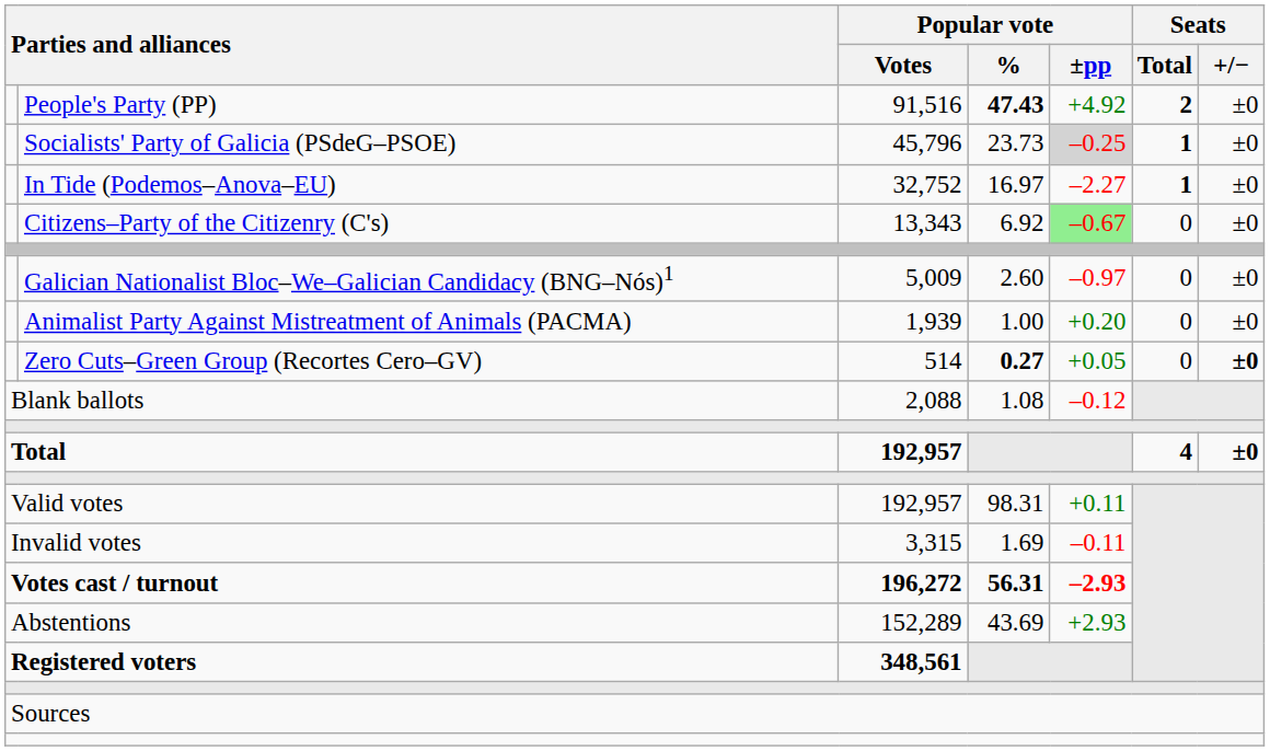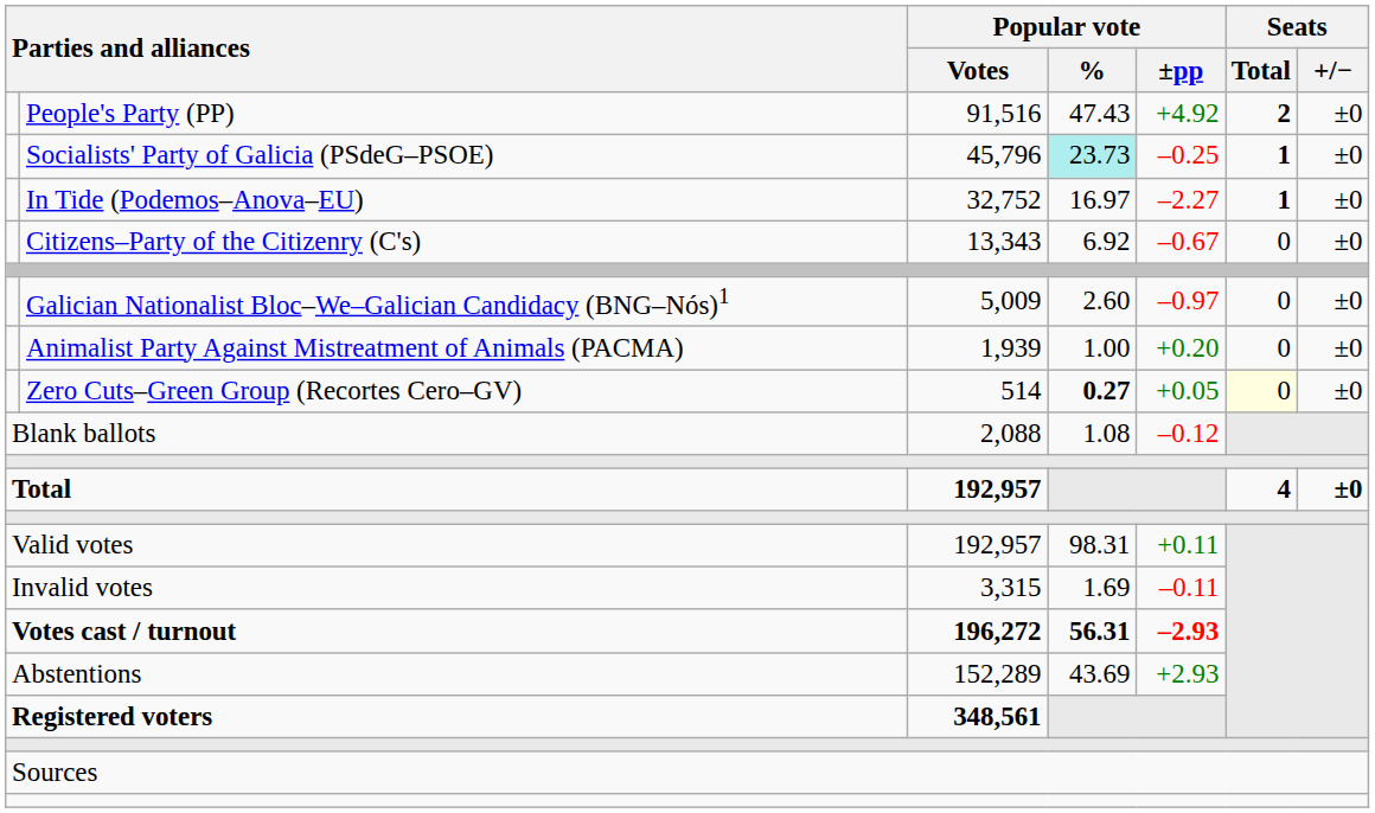 <table class="wikitable" style="text-align:right;">
 <tr>
 <th style="text-align:left;" rowspan="2" colspan="2" width="525">Parties and alliances</th>
 <th colspan="3">Popular vote</th>
 <th colspan="2">Seats</th>
 </tr>
 <tr>
 <th width="75">Votes</th>
 <th width="45">%</th>
 <th width="45">±<a href='#'>pp</a></th>
 <th width="35">Total</th>
 <th width="35">+/−</th>
 </tr>
 <tr>
 <td width="1" style="color:inherit;background:"></td>
 <td align="left"><a href='#'>People's Party</a> (PP)</td>
 <td>91,516</td>
-<td><strong>47.43</strong></td>
+<td>47.43</td>
 <td style="color:green;">+4.92</td>
 <td><strong>2</strong></td>
 <td>±0</td>
 </tr>
 <tr>
 <td style="color:inherit;background:"></td>
 <td align="left"><a href='#'>Socialists' Party of Galicia</a> (PSdeG–PSOE)</td>
 <td>45,796</td>
-<td>23.73</td>
-<td style="background: lightgrey; color:red;">–0.25</td>
+<td style="background: paleturquoise;">23.73</td>
+<td style="color:red;">–0.25</td>
 <td><strong>1</strong></td>
 <td>±0</td>
 </tr>
 <tr>
 <td style="color:inherit;background:"></td>
 <td align="left"><a href='#'>In Tide</a> (<a href='#'>Podemos</a>–<a href='#'>Anova</a>–<a href='#'>EU</a>)</td>
 <td>32,752</td>
 <td>16.97</td>
 <td style="color:red;">–2.27</td>
 <td><strong>1</strong></td>
 <td>±0</td>
 </tr>
 <tr>
 <td style="color:inherit;background:"></td>
 <td align="left"><a href='#'>Citizens–Party of the Citizenry</a> (C's)</td>
 <td>13,343</td>
 <td>6.92</td>
-<td style="background: lightgreen; color:red;">–0.67</td>
+<td style="color:red;">–0.67</td>
 <td>0</td>
 <td>±0</td>
 </tr>
 <tr>
 <td colspan="7" bgcolor="#C0C0C0"></td>
 </tr>
 <tr>
 <td style="color:inherit;background:"></td>
 <td align="left"><a href='#'>Galician Nationalist Bloc</a>–<a href='#'>We–Galician Candidacy</a> (BNG–Nós)<sup>1</sup></td>
 <td>5,009</td>
 <td>2.60</td>
 <td style="color:red;">–0.97</td>
 <td>0</td>
 <td>±0</td>
 </tr>
 <tr>
 <td style="color:inherit;background:"></td>
 <td align="left"><a href='#'>Animalist Party Against Mistreatment of Animals</a> (PACMA)</td>
 <td>1,939</td>
 <td>1.00</td>
 <td style="color:green;">+0.20</td>
 <td>0</td>
 <td>±0</td>
 </tr>
 <tr>
 <td style="color:inherit;background:"></td>
 <td align="left"><a href='#'>Zero Cuts</a>–<a href='#'>Green Group</a> (Recortes Cero–GV)</td>
 <td>514</td>
 <td><strong>0.27</strong></td>
 <td style="color:green;">+0.05</td>
-<td>0</td>
-<td><strong>±0</strong></td>
+<td style="background: lightyellow;">0</td>
+<td>±0</td>
 </tr>
 <tr>
 <td align="left" colspan="2">Blank ballots</td>
 <td>2,088</td>
 <td>1.08</td>
 <td style="color:red;">–0.12</td>
 <td bgcolor="#E9E9E9" colspan="2"></td>
 </tr>
 <tr>
 <td colspan="7" bgcolor="#E9E9E9"></td>
 </tr>
 <tr style="font-weight:bold;">
 <td align="left" colspan="2">Total</td>
 <td>192,957</td>
 <td bgcolor="#E9E9E9" colspan="2"></td>
 <td>4</td>
 <td>±0</td>
 </tr>
 <tr>
 <td colspan="7" bgcolor="#E9E9E9"></td>
 </tr>
 <tr>
 <td align="left" colspan="2">Valid votes</td>
 <td>192,957</td>
 <td>98.31</td>
 <td style="color:green;">+0.11</td>
 <td bgcolor="#E9E9E9" colspan="2" rowspan="5"></td>
 </tr>
 <tr>
 <td align="left" colspan="2">Invalid votes</td>
 <td>3,315</td>
 <td>1.69</td>
 <td style="color:red;">–0.11</td>
 </tr>
 <tr style="font-weight:bold;">
 <td align="left" colspan="2">Votes cast / turnout</td>
 <td>196,272</td>
 <td>56.31</td>
 <td style="color:red;">–2.93</td>
 </tr>
 <tr>
 <td align="left" colspan="2">Abstentions</td>
 <td>152,289</td>
 <td>43.69</td>
 <td style="color:green;">+2.93</td>
 </tr>
 <tr style="font-weight:bold;">
 <td align="left" colspan="2">Registered voters</td>
 <td>348,561</td>
 <td bgcolor="#E9E9E9" colspan="2"></td>
 </tr>
 <tr>
 <td colspan="7" bgcolor="#E9E9E9"></td>
 </tr>
 <tr>
 <td align="left" colspan="7">Sources</td>
 </tr>
 <tr>
 <td colspan="7" style="text-align:left; max-width:790px;"></td>
 </tr>
 </table>
